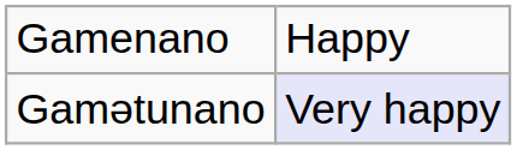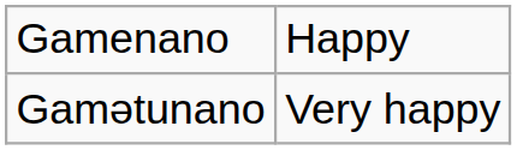 <table class="wikitable">
 <tr>
 <td>Gamenano</td>
 <td>Happy</td>
 </tr>
 <tr>
 <td>Gamətunano</td>
-<td style="background: lavender;">Very happy</td>
+<td>Very happy</td>
 </tr>
 </table>
